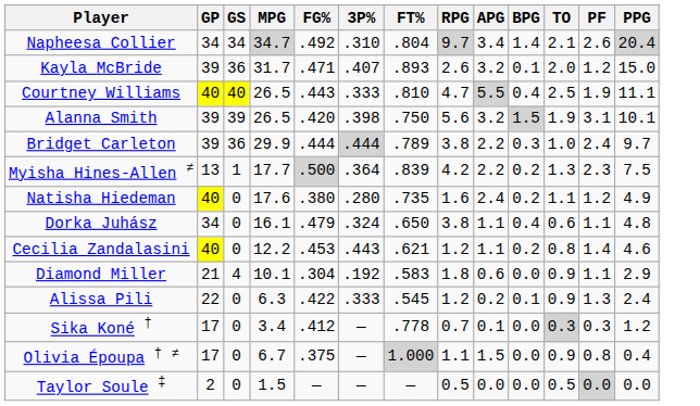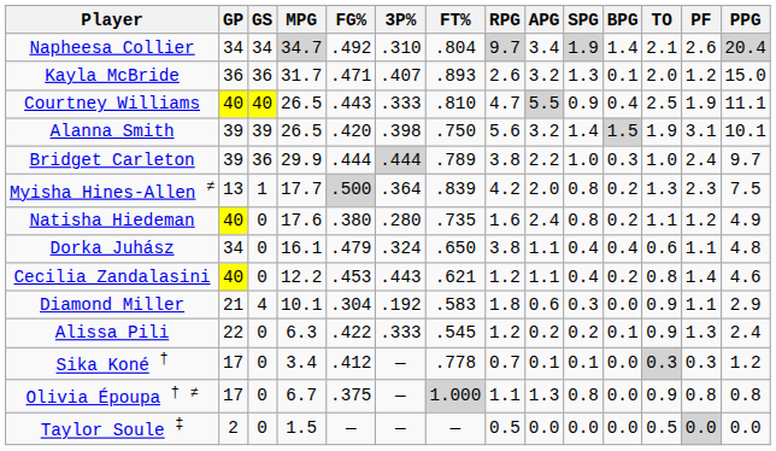 <table class="wikitable sortable" style="text-align:center;">
 <tr>
 <th>Player</th>
 <th>GP</th>
 <th>GS</th>
 <th>MPG</th>
 <th>FG%</th>
 <th>3P%</th>
 <th>FT%</th>
 <th>RPG</th>
 <th>APG</th>
+<th>SPG</th>
 <th>BPG</th>
 <th>TO</th>
 <th>PF</th>
 <th>PPG</th>
 </tr>
 <tr>
 <td><a href='#'>Napheesa Collier</a></td>
 <td>34</td>
 <td>34</td>
 <td style="background:#D3D3D3;">34.7</td>
 <td>.492</td>
 <td>.310</td>
 <td>.804</td>
 <td style="background:#D3D3D3;">9.7</td>
 <td>3.4</td>
+<td style="background:#D3D3D3;">1.9</td>
 <td>1.4</td>
 <td>2.1</td>
 <td>2.6</td>
 <td style="background:#D3D3D3;">20.4</td>
 </tr>
 <tr>
 <td><a href='#'>Kayla McBride</a></td>
-<td>39</td>
+<td>36</td>
 <td>36</td>
 <td>31.7</td>
 <td>.471</td>
 <td>.407</td>
 <td>.893</td>
 <td>2.6</td>
 <td>3.2</td>
+<td>1.3</td>
 <td>0.1</td>
 <td>2.0</td>
 <td>1.2</td>
 <td>15.0</td>
 </tr>
 <tr>
 <td><a href='#'>Courtney Williams</a></td>
 <td style="background:yellow;">40</td>
 <td style="background:yellow;">40</td>
 <td>26.5</td>
 <td>.443</td>
 <td>.333</td>
 <td>.810</td>
 <td>4.7</td>
 <td style="background:#D3D3D3;">5.5</td>
+<td>0.9</td>
 <td>0.4</td>
 <td>2.5</td>
 <td>1.9</td>
 <td>11.1</td>
 </tr>
 <tr>
 <td><a href='#'>Alanna Smith</a></td>
 <td>39</td>
 <td>39</td>
 <td>26.5</td>
 <td>.420</td>
 <td>.398</td>
 <td>.750</td>
 <td>5.6</td>
 <td>3.2</td>
+<td>1.4</td>
 <td style="background:#D3D3D3;">1.5</td>
 <td>1.9</td>
 <td>3.1</td>
 <td>10.1</td>
 </tr>
 <tr>
 <td><a href='#'>Bridget Carleton</a></td>
 <td>39</td>
 <td>36</td>
 <td>29.9</td>
 <td>.444</td>
 <td style="background:#D3D3D3;">.444</td>
 <td>.789</td>
 <td>3.8</td>
 <td>2.2</td>
+<td>1.0</td>
 <td>0.3</td>
 <td>1.0</td>
 <td>2.4</td>
 <td>9.7</td>
 </tr>
 <tr>
 <td><a href='#'>Myisha Hines-Allen</a> <sup>≠</sup></td>
 <td>13</td>
 <td>1</td>
 <td>17.7</td>
 <td style="background:#D3D3D3;">.500</td>
 <td>.364</td>
 <td>.839</td>
 <td>4.2</td>
-<td>2.2</td>
+<td>2.0</td>
+<td>0.8</td>
 <td>0.2</td>
 <td>1.3</td>
 <td>2.3</td>
 <td>7.5</td>
 </tr>
 <tr>
 <td><a href='#'>Natisha Hiedeman</a></td>
 <td style="background:yellow;">40</td>
 <td>0</td>
 <td>17.6</td>
 <td>.380</td>
 <td>.280</td>
 <td>.735</td>
 <td>1.6</td>
 <td>2.4</td>
+<td>0.8</td>
 <td>0.2</td>
 <td>1.1</td>
 <td>1.2</td>
 <td>4.9</td>
 </tr>
 <tr>
 <td><a href='#'>Dorka Juhász</a></td>
 <td>34</td>
 <td>0</td>
 <td>16.1</td>
 <td>.479</td>
 <td>.324</td>
 <td>.650</td>
 <td>3.8</td>
 <td>1.1</td>
 <td>0.4</td>
+<td>0.4</td>
 <td>0.6</td>
 <td>1.1</td>
 <td>4.8</td>
 </tr>
 <tr>
 <td><a href='#'>Cecilia Zandalasini</a></td>
 <td style="background:yellow;">40</td>
 <td>0</td>
 <td>12.2</td>
 <td>.453</td>
 <td>.443</td>
 <td>.621</td>
 <td>1.2</td>
 <td>1.1</td>
+<td>0.4</td>
 <td>0.2</td>
 <td>0.8</td>
 <td>1.4</td>
 <td>4.6</td>
 </tr>
 <tr>
 <td><a href='#'>Diamond Miller</a></td>
 <td>21</td>
 <td>4</td>
 <td>10.1</td>
 <td>.304</td>
 <td>.192</td>
 <td>.583</td>
 <td>1.8</td>
 <td>0.6</td>
+<td>0.3</td>
 <td>0.0</td>
 <td>0.9</td>
 <td>1.1</td>
 <td>2.9</td>
 </tr>
 <tr>
 <td><a href='#'>Alissa Pili</a></td>
 <td>22</td>
 <td>0</td>
 <td>6.3</td>
 <td>.422</td>
 <td>.333</td>
 <td>.545</td>
 <td>1.2</td>
+<td>0.2</td>
 <td>0.2</td>
 <td>0.1</td>
 <td>0.9</td>
 <td>1.3</td>
 <td>2.4</td>
 </tr>
 <tr>
 <td><a href='#'>Sika Koné</a> <sup>†</sup></td>
 <td>17</td>
 <td>0</td>
 <td>3.4</td>
 <td>.412</td>
 <td>—</td>
 <td>.778</td>
 <td>0.7</td>
 <td>0.1</td>
+<td>0.1</td>
 <td>0.0</td>
 <td style="background:#D3D3D3;">0.3</td>
 <td>0.3</td>
 <td>1.2</td>
 </tr>
 <tr>
 <td><a href='#'>Olivia Époupa</a> <sup>†</sup> <sup>≠</sup></td>
 <td>17</td>
 <td>0</td>
 <td>6.7</td>
 <td>.375</td>
 <td>—</td>
 <td style="background:#D3D3D3;">1.000</td>
 <td>1.1</td>
-<td>1.5</td>
+<td>1.3</td>
+<td>0.8</td>
 <td>0.0</td>
 <td>0.9</td>
 <td>0.8</td>
-<td>0.4</td>
+<td>0.8</td>
 </tr>
 <tr>
 <td><a href='#'>Taylor Soule</a> <sup>‡</sup></td>
 <td>2</td>
 <td>0</td>
 <td>1.5</td>
 <td>—</td>
 <td>—</td>
 <td>—</td>
 <td>0.5</td>
 <td>0.0</td>
 <td>0.0</td>
+<td>0.0</td>
 <td>0.5</td>
 <td style="background:#D3D3D3;">0.0</td>
 <td>0.0</td>
 </tr>
 </table>
